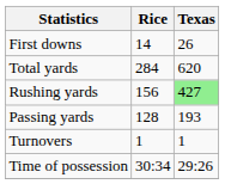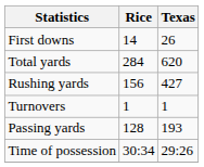 <table class="wikitable" style="float: left;">
 <tr>
 <th>Statistics</th>
 <th>Rice</th>
 <th>Texas</th>
 </tr>
 <tr>
 <td>First downs</td>
 <td>14</td>
 <td>26</td>
 </tr>
 <tr>
 <td>Total yards</td>
 <td>284</td>
 <td>620</td>
 </tr>
 <tr>
 <td>Rushing yards</td>
 <td>156</td>
-<td style="background: lightgreen;">427</td>
+<td>427</td>
+</tr>
+<tr>
+<td>Turnovers</td>
+<td>1</td>
+<td>1</td>
 </tr>
 <tr>
 <td>Passing yards</td>
 <td>128</td>
 <td>193</td>
-</tr>
-<tr>
-<td>Turnovers</td>
-<td>1</td>
-<td>1</td>
 </tr>
 <tr>
 <td>Time of possession</td>
 <td>30:34</td>
 <td>29:26</td>
 </tr>
 <tr>
 </tr>
 </table>
